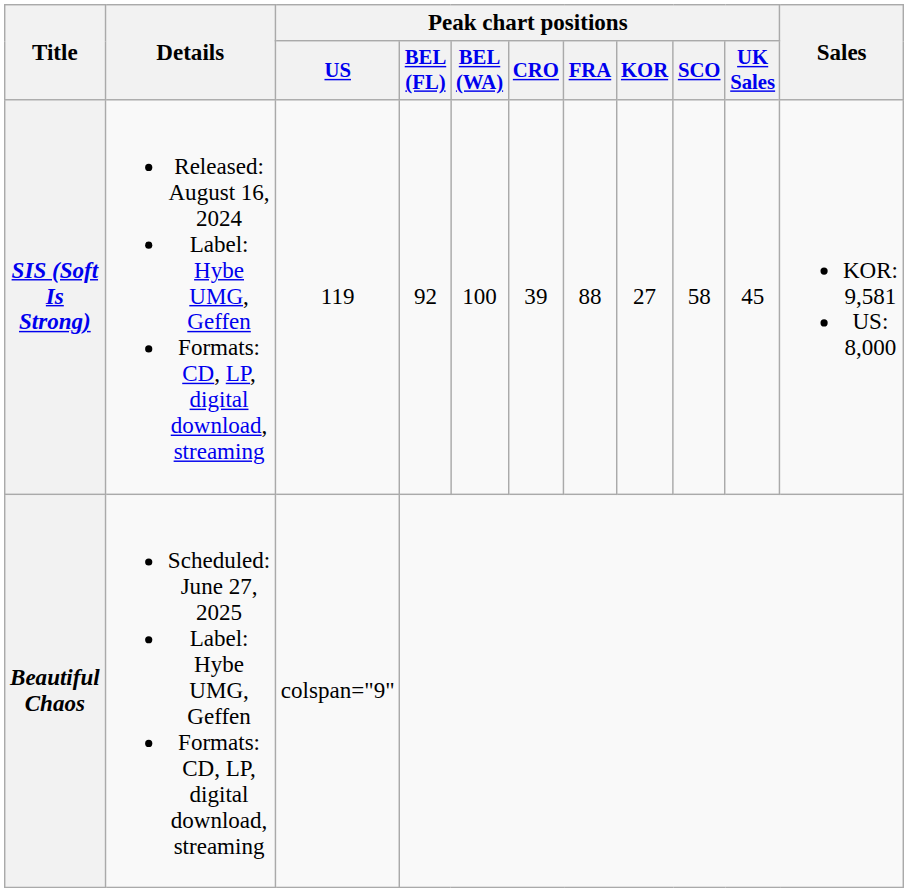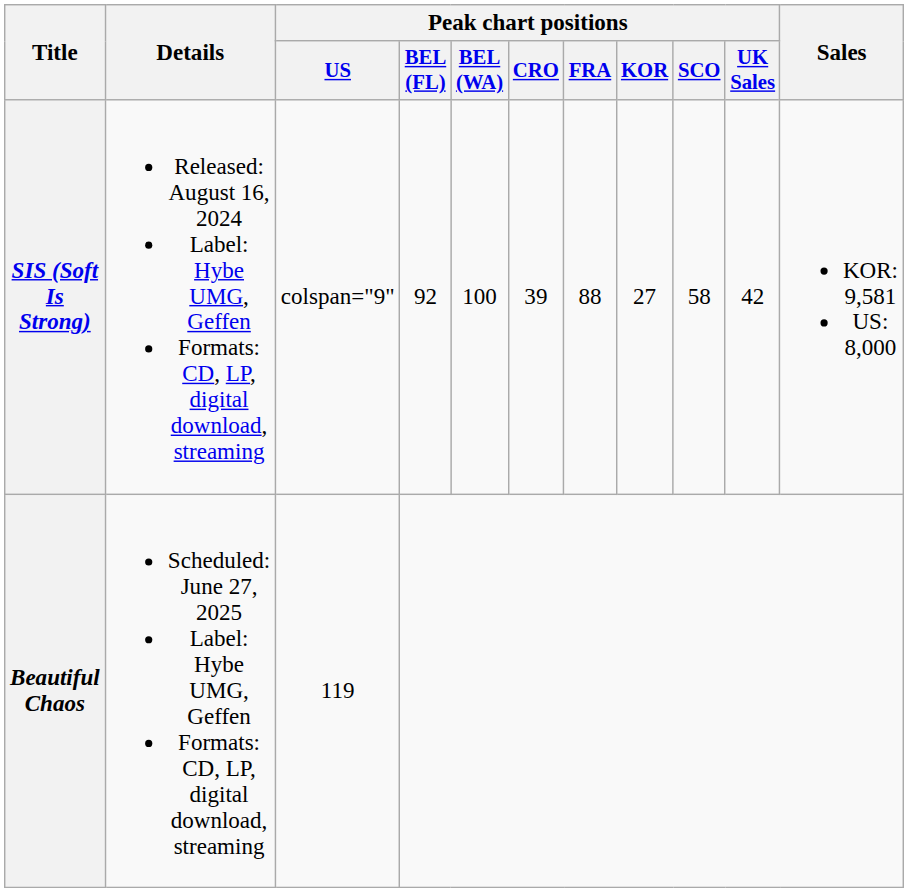 <table class="wikitable plainrowheaders" style="text-align:center">
 <tr>
 <th scope="col" rowspan="2">Title</th>
 <th scope="col" rowspan="2">Details</th>
 <th scope="col" colspan="8">Peak chart positions</th>
 <th scope="col" rowspan="2">Sales</th>
 </tr>
 <tr>
 <th scope="col" style="font-size:90%; width:3em"><a href='#'>US</a><br></th>
 <th scope="col" style="font-size:90%; width:3em"><a href='#'>BEL<br>(FL)</a><br></th>
 <th scope="col" style="font-size:90%; width:3em"><a href='#'>BEL<br>(WA)</a><br></th>
 <th scope="col" style="font-size:90%; width:3em"><a href='#'>CRO</a><br></th>
 <th scope="col" style="font-size:90%; width:3em"><a href='#'>FRA</a><br></th>
 <th scope="col" style="font-size:90%; width:3em"><a href='#'>KOR</a><br></th>
 <th scope="col" style="font-size:90%; width:3em"><a href='#'>SCO</a><br></th>
 <th scope="col" style="font-size:90%; width:3em"><a href='#'>UK<br>Sales</a><br></th>
 </tr>
 <tr>
 <th scope="row"><em><a href='#'>SIS (Soft Is Strong)</a></em></th>
 <td><br><ul><li>Released: August 16, 2024</li><li>Label: <a href='#'>Hybe UMG</a>, <a href='#'>Geffen</a></li><li>Formats: <a href='#'>CD</a>, <a href='#'>LP</a>, <a href='#'>digital download</a>, <a href='#'>streaming</a></li></ul></td>
-<td>119</td>
+<td>colspan="9" </td>
 <td>92</td>
 <td>100</td>
 <td>39</td>
 <td>88</td>
 <td>27</td>
 <td>58</td>
-<td>45</td>
+<td>42</td>
 <td><br><ul><li>KOR: 9,581</li><li>US: 8,000</li></ul></td>
 </tr>
 <tr>
 <th scope="row"><em>Beautiful Chaos</em></th>
 <td><br><ul><li>Scheduled: June 27, 2025</li><li>Label: Hybe UMG, Geffen</li><li>Formats: CD, LP, digital download, streaming</li></ul></td>
-<td>colspan="9" </td>
+<td>119</td>
 </tr>
 </table>
